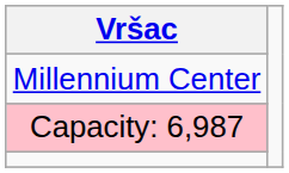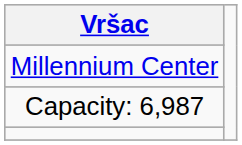 <table class="wikitable" style="text-align:center">
 <tr>
 <th><a href='#'>Vršac</a></th>
 <td rowspan=4></td>
 </tr>
 <tr>
 <td><a href='#'>Millennium Center</a></td>
 </tr>
 <tr>
-<td style="background: pink;">Capacity: 6,987</td>
+<td>Capacity: 6,987</td>
 </tr>
 <tr>
 <td></td>
 </tr>
 </table>
